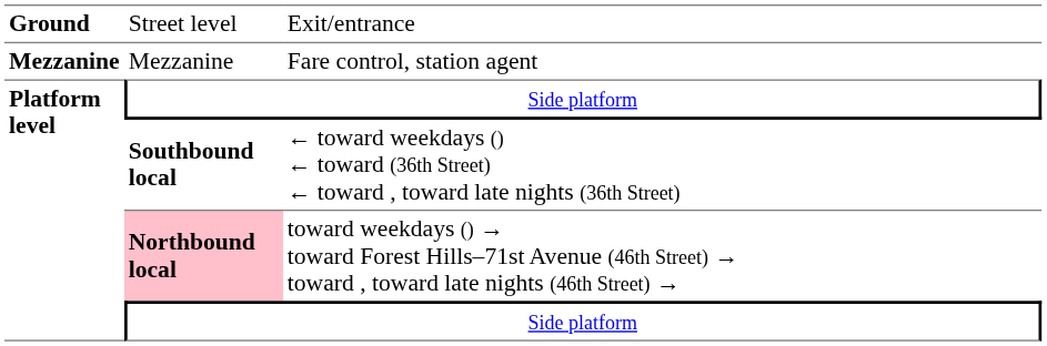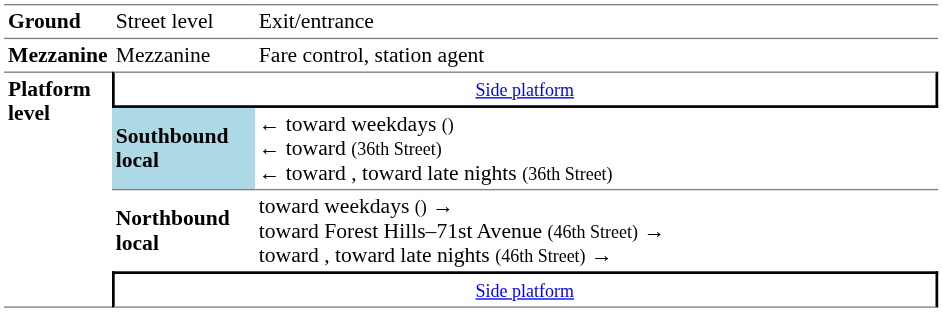 <table border=0 cellspacing=0 cellpadding=3>
 <tr>
 <td style="border-top:solid 1px gray;" width=50><strong>Ground</strong></td>
 <td style="border-top:solid 1px gray;" width=100>Street level</td>
 <td style="border-top:solid 1px gray;" width=500>Exit/entrance</td>
 </tr>
 <tr>
 <td style="border-top:solid 1px gray;"><strong>Mezzanine</strong></td>
 <td style="border-top:solid 1px gray;">Mezzanine</td>
 <td style="border-top:solid 1px gray;">Fare control, station agent</td>
 </tr>
 <tr>
 <td style="border-top:solid 1px gray;border-bottom:solid 1px gray;" rowspan=4 valign=top><strong>Platform level</strong></td>
 <td style="border-top:solid 1px gray;border-right:solid 2px black;border-left:solid 2px black;border-bottom:solid 2px black;text-align:center;" colspan=2><small><a href='#'>Side platform</a></small></td>
 </tr>
 <tr>
-<td><strong>Southbound local</strong></td>
+<td style="background: lightblue;"><strong>Southbound local</strong></td>
 <td>←  toward  weekdays <small>()</small><br>←  toward  <small>(36th Street)</small><br>←  toward ,  toward  late nights <small>(36th Street)</small></td>
 </tr>
 <tr>
-<td style="background: pink; border-top:solid 1px gray;"><strong>Northbound local</strong></td>
+<td style="border-top:solid 1px gray;"><strong>Northbound local</strong></td>
 <td style="border-top:solid 1px gray;">  toward  weekdays <small>()</small> →<br>  toward Forest Hills–71st Avenue <small>(46th Street)</small> →<br>  toward ,  toward  late nights <small>(46th Street)</small> →</td>
 </tr>
 <tr>
 <td style="border-top:solid 2px black;border-right:solid 2px black;border-left:solid 2px black;border-bottom:solid 1px gray;text-align:center;" colspan=2><small><a href='#'>Side platform</a></small></td>
 </tr>
 </table>
